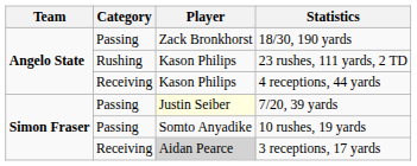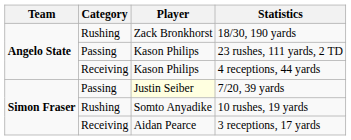 <table class="wikitable" style="float: right;">
 <tr>
 <th>Team</th>
 <th>Category</th>
 <th>Player</th>
 <th>Statistics</th>
 </tr>
 <tr>
 <td rowspan=3><strong>Angelo State</strong></td>
-<td>Passing</td>
+<td>Rushing</td>
 <td>Zack Bronkhorst</td>
 <td>18/30, 190 yards</td>
 </tr>
 <tr>
-<td>Rushing</td>
+<td>Passing</td>
 <td>Kason Philips</td>
 <td>23 rushes, 111 yards, 2 TD</td>
 </tr>
 <tr>
 <td>Receiving</td>
 <td>Kason Philips</td>
 <td>4 receptions, 44 yards</td>
 </tr>
 <tr>
 <td rowspan=3><strong>Simon Fraser</strong></td>
 <td>Passing</td>
 <td style="background: lightyellow;">Justin Seiber</td>
 <td>7/20, 39 yards</td>
 </tr>
 <tr>
-<td>Passing</td>
+<td>Rushing</td>
 <td>Somto Anyadike</td>
 <td>10 rushes, 19 yards</td>
 </tr>
 <tr>
 <td>Receiving</td>
-<td style="background: lightgrey;">Aidan Pearce</td>
+<td>Aidan Pearce</td>
 <td>3 receptions, 17 yards</td>
 </tr>
 </table>
